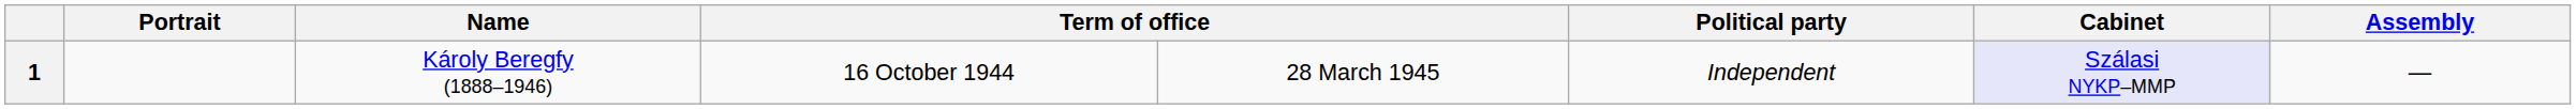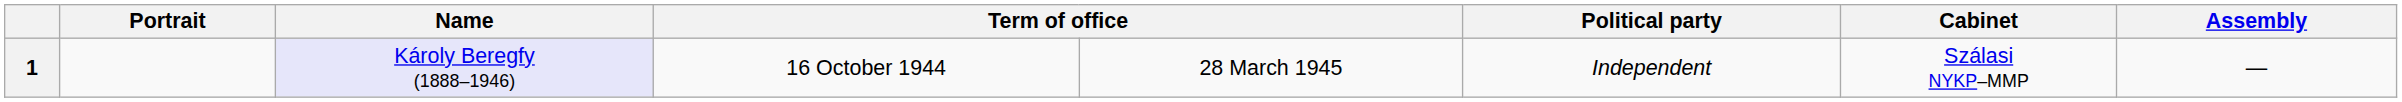 <table class="wikitable" style="width:90%; text-align:center;">
 <tr>
 <th></th>
 <th>Portrait</th>
 <th>Name<br></th>
 <th colspan=2>Term of office</th>
 <th>Political party</th>
 <th>Cabinet</th>
 <th><a href='#'>Assembly</a><br></th>
 </tr>
 <tr>
 <th style="background:">1</th>
 <td></td>
-<td><a href='#'>Károly Beregfy</a><br><small>(1888–1946)</small></td>
+<td style="background: lavender;"><a href='#'>Károly Beregfy</a><br><small>(1888–1946)</small></td>
 <td>16 October 1944</td>
 <td>28 March 1945</td>
 <td><em>Independent</em></td>
-<td style="background: lavender;"><a href='#'>Szálasi</a><br><small><a href='#'>NYKP</a>–MMP</small></td>
+<td><a href='#'>Szálasi</a><br><small><a href='#'>NYKP</a>–MMP</small></td>
 <td>—</td>
 </tr>
 </table>
